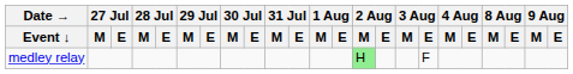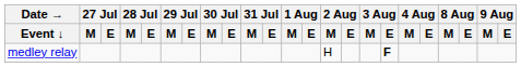 <table class="wikitable olympic-schedule swimming">
 <tr>
 <th scope="row">Date →</th>
 <th colspan="2">27 Jul</th>
 <th colspan="2">28 Jul</th>
 <th colspan="2">29 Jul</th>
 <th colspan="2">30 Jul</th>
 <th colspan="2">31 Jul</th>
 <th colspan="2">1 Aug</th>
 <th colspan="2">2 Aug</th>
 <th colspan="2">3 Aug</th>
 <th colspan="2">4 Aug</th>
 <th colspan="2">8 Aug</th>
 <th colspan="2">9 Aug</th>
 </tr>
 <tr>
 <th scope="col">Event  ↓</th>
 <th>M</th>
 <th>E</th>
 <th>M</th>
 <th>E</th>
 <th>M</th>
 <th>E</th>
 <th>M</th>
 <th>E</th>
 <th>M</th>
 <th>E</th>
 <th>M</th>
 <th>E</th>
 <th>M</th>
 <th>E</th>
 <th>M</th>
 <th>E</th>
 <th>M</th>
 <th>E</th>
 <th>M</th>
 <th>E</th>
 <th>M</th>
 <th>E</th>
 </tr>
 <tr>
 <td class="event"><a href='#'> medley relay</a></td>
 <td colspan="2"></td>
 <td colspan="2"></td>
 <td colspan="2"></td>
 <td colspan="2"></td>
 <td colspan="2"></td>
 <td colspan="2"></td>
-<td class="heats" style="background: lightgreen;">H</td>
+<td class="heats">H</td>
 <td></td>
 <td></td>
-<td class="final">F</td>
+<td class="final"><strong>F</strong></td>
 <td colspan="2"></td>
 <td colspan="2"></td>
 <td colspan="2"></td>
 </tr>
 </table>
